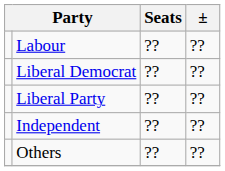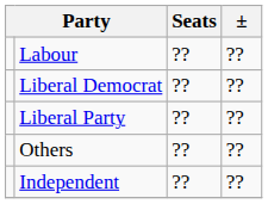 <table class="wikitable">
 <tr>
 <th colspan="2">Party</th>
 <th>Seats</th>
 <th>  ±  </th>
 </tr>
 <tr>
 <td style="background-color: "></td>
 <td><a href='#'>Labour</a></td>
 <td>??</td>
 <td>??</td>
 </tr>
 <tr>
 <td style="background-color: "></td>
 <td><a href='#'>Liberal Democrat</a></td>
 <td>??</td>
 <td>??</td>
 </tr>
 <tr>
 <td style="background-color: "></td>
 <td><a href='#'>Liberal Party</a></td>
 <td>??</td>
 <td>??</td>
 </tr>
 <tr>
 <td style="background-color: "></td>
-<td><a href='#'>Independent</a></td>
+<td>Others</td>
 <td>??</td>
 <td>??</td>
 </tr>
 <tr>
 <td style="background-color: "></td>
-<td>Others</td>
+<td><a href='#'>Independent</a></td>
 <td>??</td>
 <td>??</td>
 </tr>
 <tr>
 </tr>
 </table>
